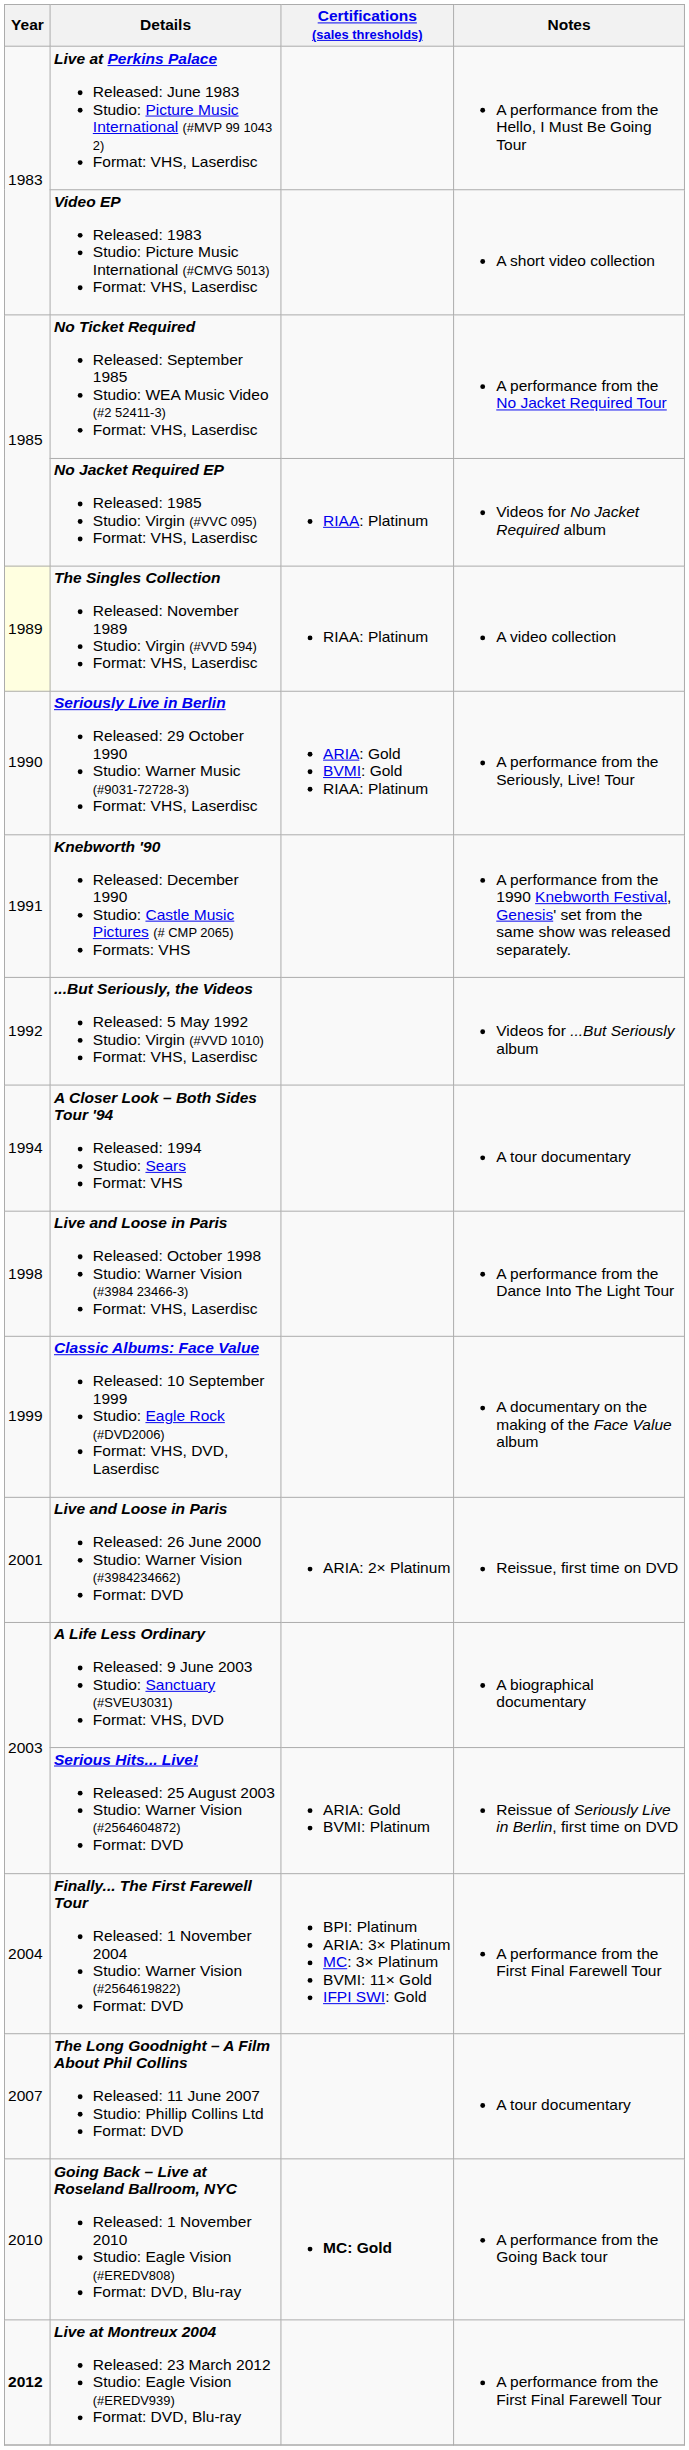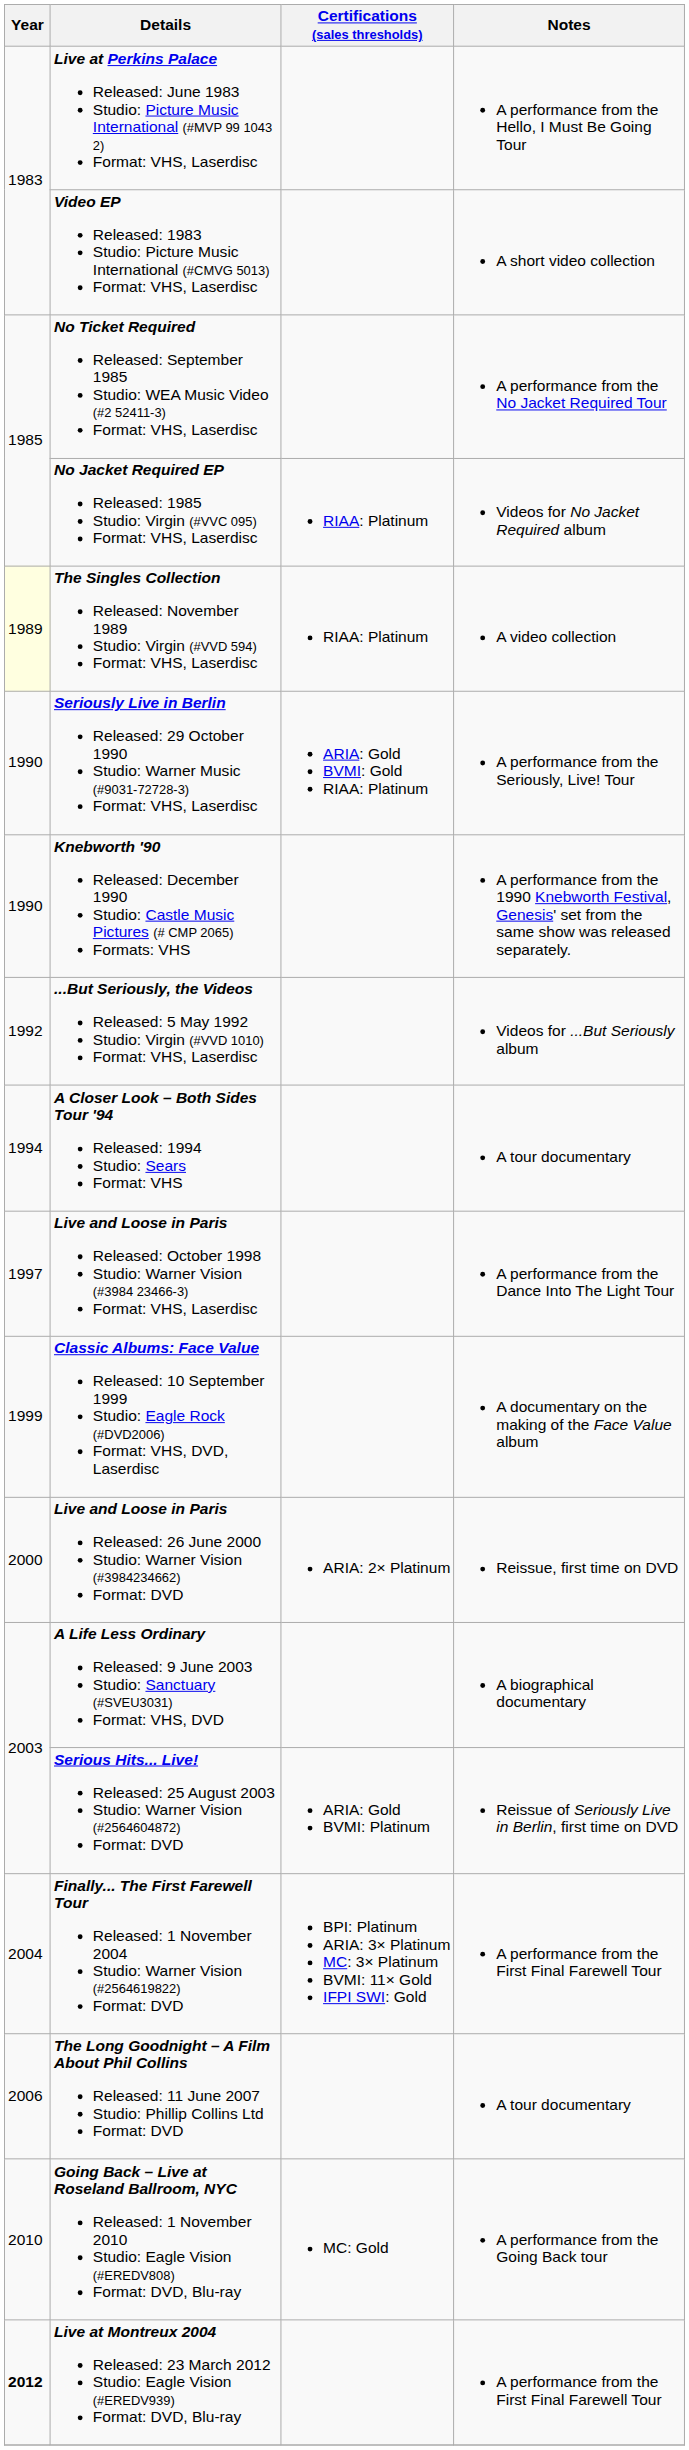 <table class="wikitable">
 <tr>
 <th width="40">Year</th>
 <th width="230">Details</th>
 <th><a href='#'>Certifications</a><br><small><a href='#'>(sales thresholds)</a></small></th>
 <th width="230">Notes</th>
 </tr>
 <tr>
 <td rowspan="2">1983</td>
 <td align="left"><strong><em>Live at <a href='#'>Perkins Palace</a></em></strong><br><ul><li>Released: June 1983</li><li>Studio: <a href='#'>Picture Music International</a> <small>(#MVP 99 1043 2)</small></li><li>Format: VHS, Laserdisc</li></ul></td>
 <td></td>
 <td><br><ul><li>A performance from the Hello, I Must Be Going Tour</li></ul></td>
 </tr>
 <tr>
 <td align="left"><strong><em>Video EP</em></strong><br><ul><li>Released: 1983</li><li>Studio: Picture Music International <small>(#CMVG 5013)</small></li><li>Format: VHS, Laserdisc</li></ul></td>
 <td></td>
 <td><br><ul><li>A short video collection</li></ul></td>
 </tr>
 <tr>
 <td rowspan="2">1985</td>
 <td align="left"><strong><em>No Ticket Required</em></strong><br><ul><li>Released: September 1985</li><li>Studio: WEA Music Video <small>(#2 52411-3)</small></li><li>Format: VHS, Laserdisc</li></ul></td>
 <td></td>
 <td><br><ul><li>A performance from the <a href='#'>No Jacket Required Tour</a></li></ul></td>
 </tr>
 <tr>
 <td align="left"><strong><em>No Jacket Required EP</em></strong><br><ul><li>Released: 1985</li><li>Studio: Virgin <small>(#VVC 095)</small></li><li>Format: VHS, Laserdisc</li></ul></td>
 <td><br><ul><li><a href='#'>RIAA</a>: Platinum</li></ul></td>
 <td><br><ul><li>Videos for <em>No Jacket Required</em> album</li></ul></td>
 </tr>
 <tr>
 <td style="background: lightyellow;">1989</td>
 <td align="left"><strong><em>The Singles Collection</em></strong><br><ul><li>Released: November 1989</li><li>Studio: Virgin <small>(#VVD 594)</small></li><li>Format: VHS, Laserdisc</li></ul></td>
 <td><br><ul><li>RIAA: Platinum</li></ul></td>
 <td><br><ul><li>A video collection</li></ul></td>
 </tr>
 <tr>
 <td>1990</td>
 <td align="left"><strong><em><a href='#'>Seriously Live in Berlin</a></em></strong><br><ul><li>Released: 29 October 1990</li><li>Studio: Warner Music <small>(#9031-72728-3)</small></li><li>Format: VHS, Laserdisc</li></ul></td>
 <td><br><ul><li><a href='#'>ARIA</a>: Gold</li><li><a href='#'>BVMI</a>: Gold</li><li>RIAA: Platinum</li></ul></td>
 <td><br><ul><li>A performance from the Seriously, Live! Tour</li></ul></td>
 </tr>
 <tr>
-<td>1991</td>
+<td>1990</td>
 <td align="left"><strong><em>Knebworth '90</em></strong><br><ul><li>Released: December 1990</li><li>Studio: <a href='#'>Castle Music Pictures</a> <small>(# CMP 2065)</small></li><li>Formats: VHS</li></ul></td>
 <td></td>
 <td><br><ul><li>A performance from the 1990 <a href='#'>Knebworth Festival</a>, <a href='#'>Genesis</a>' set from the same show was released separately.</li></ul></td>
 </tr>
 <tr>
 <td>1992</td>
 <td align="left"><strong><em>...But Seriously, the Videos</em></strong><br><ul><li>Released: 5 May 1992</li><li>Studio: Virgin <small>(#VVD 1010)</small></li><li>Format: VHS, Laserdisc</li></ul></td>
 <td></td>
 <td><br><ul><li>Videos for <em>...But Seriously</em> album</li></ul></td>
 </tr>
 <tr>
 <td>1994</td>
 <td align="left"><strong><em>A Closer Look – Both Sides Tour '94</em></strong><br><ul><li>Released: 1994</li><li>Studio: <a href='#'>Sears</a></li><li>Format: VHS</li></ul></td>
 <td></td>
 <td><br><ul><li>A tour documentary</li></ul></td>
 </tr>
 <tr>
-<td>1998</td>
+<td>1997</td>
 <td align="left"><strong><em>Live and Loose in Paris</em></strong><br><ul><li>Released: October 1998</li><li>Studio: Warner Vision <small>(#3984 23466-3)</small></li><li>Format: VHS, Laserdisc</li></ul></td>
 <td></td>
 <td><br><ul><li>A performance from the Dance Into The Light Tour</li></ul></td>
 </tr>
 <tr>
 <td>1999</td>
 <td align="left"><strong><em><a href='#'>Classic Albums: Face Value</a></em></strong><br><ul><li>Released: 10 September 1999</li><li>Studio: <a href='#'>Eagle Rock</a> <small>(#DVD2006)</small></li><li>Format: VHS, DVD, Laserdisc</li></ul></td>
 <td></td>
 <td><br><ul><li>A documentary on the making of the <em>Face Value</em> album</li></ul></td>
 </tr>
 <tr>
-<td>2001</td>
+<td>2000</td>
 <td align="left"><strong><em>Live and Loose in Paris</em></strong><br><ul><li>Released: 26 June 2000</li><li>Studio: Warner Vision <small>(#3984234662)</small></li><li>Format: DVD</li></ul></td>
 <td><br><ul><li>ARIA: 2× Platinum</li></ul></td>
 <td><br><ul><li>Reissue, first time on DVD</li></ul></td>
 </tr>
 <tr>
 <td rowspan="2">2003</td>
 <td align="left"><strong><em>A Life Less Ordinary</em></strong><br><ul><li>Released: 9 June 2003</li><li>Studio: <a href='#'>Sanctuary</a> <small>(#SVEU3031)</small></li><li>Format: VHS, DVD</li></ul></td>
 <td></td>
 <td><br><ul><li>A biographical documentary</li></ul></td>
 </tr>
 <tr>
 <td align="left"><strong><em><a href='#'>Serious Hits... Live!</a></em></strong><br><ul><li>Released: 25 August 2003</li><li>Studio: Warner Vision <small>(#2564604872)</small></li><li>Format: DVD</li></ul></td>
 <td><br><ul><li>ARIA: Gold</li><li>BVMI: Platinum</li></ul></td>
 <td><br><ul><li>Reissue of <em>Seriously Live in Berlin</em>, first time on DVD</li></ul></td>
 </tr>
 <tr>
 <td>2004</td>
 <td align="left"><strong><em>Finally... The First Farewell Tour</em></strong><br><ul><li>Released: 1 November 2004</li><li>Studio: Warner Vision <small>(#2564619822)</small></li><li>Format: DVD</li></ul></td>
 <td><br><ul><li>BPI: Platinum</li><li>ARIA: 3× Platinum</li><li><a href='#'>MC</a>: 3× Platinum</li><li>BVMI: 11× Gold</li><li><a href='#'>IFPI SWI</a>: Gold</li></ul></td>
 <td><br><ul><li>A performance from the First Final Farewell Tour</li></ul></td>
 </tr>
 <tr>
-<td>2007</td>
+<td>2006</td>
 <td align="left"><strong><em>The Long Goodnight – A Film About Phil Collins</em></strong><br><ul><li>Released: 11 June 2007</li><li>Studio: Phillip Collins Ltd</li><li>Format: DVD</li></ul></td>
 <td></td>
 <td><br><ul><li>A tour documentary</li></ul></td>
 </tr>
 <tr>
 <td>2010</td>
 <td align="left"><strong><em>Going Back – Live at Roseland Ballroom, NYC</em></strong><br><ul><li>Released: 1 November 2010</li><li>Studio: Eagle Vision <small>(#EREDV808)</small></li><li>Format: DVD, Blu-ray</li></ul></td>
-<td><strong><br><ul><li>MC: Gold</li></ul></strong></td>
+<td><br><ul><li>MC: Gold</li></ul></td>
 <td><br><ul><li>A performance from the Going Back tour</li></ul></td>
 </tr>
 <tr>
 <td><strong>2012</strong></td>
 <td align="left"><strong><em>Live at Montreux 2004</em></strong><br><ul><li>Released: 23 March 2012</li><li>Studio: Eagle Vision <small>(#EREDV939)</small></li><li>Format: DVD, Blu-ray</li></ul></td>
 <td></td>
 <td><br><ul><li>A performance from the First Final Farewell Tour</li></ul></td>
 </tr>
 <tr>
 </tr>
 </table>
